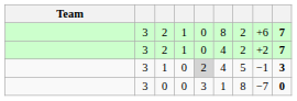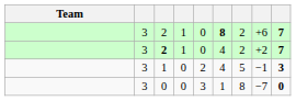 <table class="wikitable" style="text-align: center;">
 <tr>
 <th width="175">Team</th>
 <th width="20"></th>
 <th width="20"></th>
 <th width="20"></th>
 <th width="20"></th>
 <th width="20"></th>
 <th width="20"></th>
 <th width="20"></th>
 <th width="20"></th>
 </tr>
 <tr style="background:#ccffcc;">
 <td align=left></td>
 <td>3</td>
 <td>2</td>
 <td>1</td>
 <td>0</td>
-<td>8</td>
+<td><strong>8</strong></td>
 <td>2</td>
 <td>+6</td>
 <td><strong>7</strong></td>
 </tr>
 <tr style="background:#ccffcc;">
 <td align=left></td>
 <td>3</td>
-<td>2</td>
+<td><strong>2</strong></td>
 <td>1</td>
 <td>0</td>
 <td>4</td>
 <td>2</td>
 <td>+2</td>
 <td><strong>7</strong></td>
 </tr>
 <tr>
 <td align=left></td>
 <td>3</td>
 <td>1</td>
 <td>0</td>
-<td style="background: lightgrey;">2</td>
+<td>2</td>
 <td>4</td>
 <td>5</td>
 <td>−1</td>
 <td><strong>3</strong></td>
 </tr>
 <tr>
 <td align=left></td>
 <td>3</td>
 <td>0</td>
 <td>0</td>
 <td>3</td>
 <td>1</td>
 <td>8</td>
 <td>−7</td>
 <td><strong>0</strong></td>
 </tr>
 </table>
